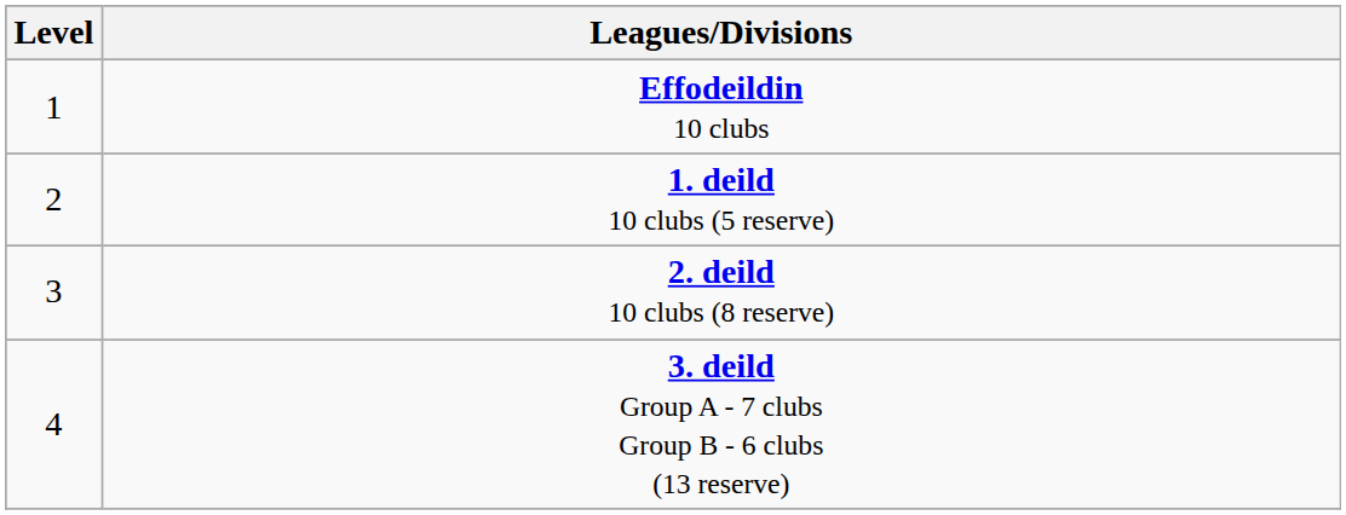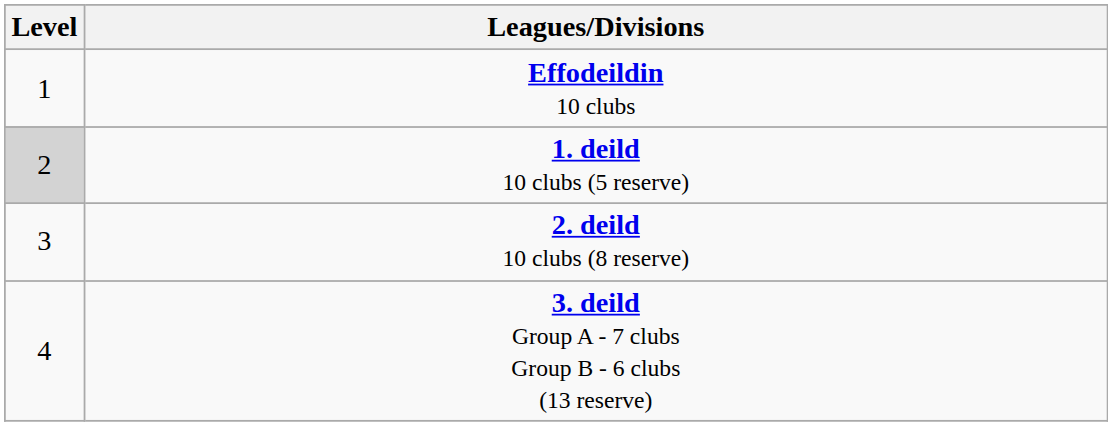 <table class="wikitable" style="text-align: center; width: 100%;">
 <tr>
 <th scope=col width="4%">Level</th>
 <th scope=col width="96%">Leagues/Divisions</th>
 </tr>
 <tr>
 <td width="4%">1</td>
 <td width="96%"><strong><a href='#'>Effodeildin</a></strong><br><small>10 clubs</small></td>
 </tr>
 <tr>
-<td width="4%">2</td>
+<td width="4%" style="background: lightgrey;">2</td>
 <td width="96%"><strong><a href='#'>1. deild</a></strong><br><small>10 clubs (5 reserve)</small></td>
 </tr>
 <tr>
 <td width="4%">3</td>
 <td width="96%"><strong><a href='#'>2. deild</a></strong><br><small>10 clubs (8 reserve)</small></td>
 </tr>
 <tr>
 <td width="4%">4</td>
 <td width="96%"><strong><a href='#'>3. deild</a></strong><br><small>Group A - 7 clubs</small><br><small>Group B - 6 clubs<br>(13 reserve)</small></td>
 </tr>
 </table>
